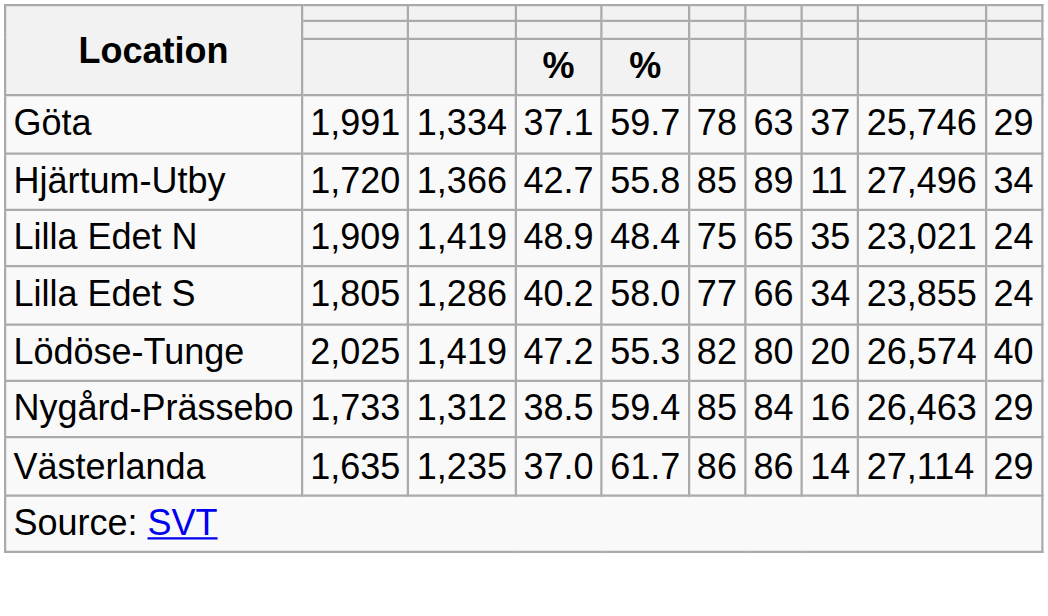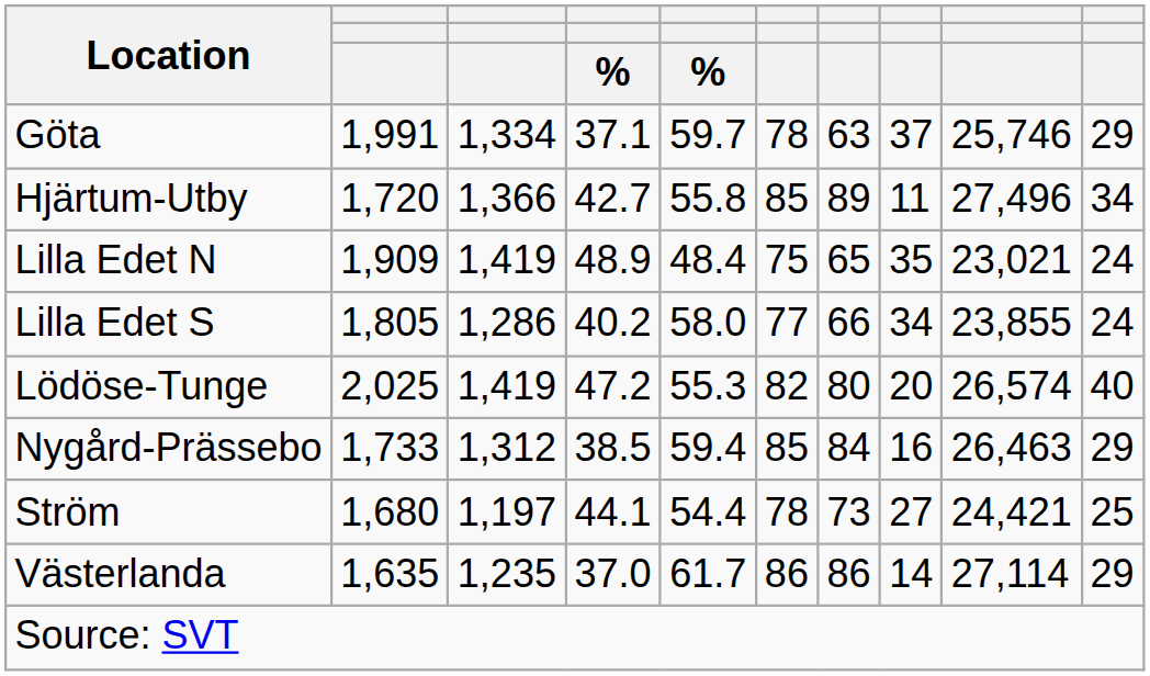 <table role="presentation" class="wikitable sortable mw-collapsible">
 <tr>
 <th rowspan="3">Location</th>
 <th></th>
 <th></th>
 <th></th>
 <th></th>
 <th></th>
 <th></th>
 <th></th>
 <th></th>
 <th></th>
 </tr>
 <tr>
 <th></th>
 <th></th>
 <th style="background:"></th>
 <th style="background:"></th>
 <th></th>
 <th></th>
 <th></th>
 <th></th>
 <th></th>
 </tr>
 <tr>
 <th data-sort-type="number"></th>
 <th data-sort-type="number"></th>
 <th data-sort-type="number">%</th>
 <th data-sort-type="number">%</th>
 <th data-sort-type="number"></th>
 <th data-sort-type="number"></th>
 <th data-sort-type="number"></th>
 <th data-sort-type="number"></th>
 <th data-sort-type="number"></th>
 </tr>
 <tr>
 <td align="left">Göta</td>
 <td>1,991</td>
 <td>1,334</td>
 <td>37.1</td>
 <td>59.7</td>
 <td>78</td>
 <td>63</td>
 <td>37</td>
 <td>25,746</td>
 <td>29</td>
 </tr>
 <tr>
 <td align="left">Hjärtum-Utby</td>
 <td>1,720</td>
 <td>1,366</td>
 <td>42.7</td>
 <td>55.8</td>
 <td>85</td>
 <td>89</td>
 <td>11</td>
 <td>27,496</td>
 <td>34</td>
 </tr>
 <tr>
 <td align="left">Lilla Edet N</td>
 <td>1,909</td>
 <td>1,419</td>
 <td>48.9</td>
 <td>48.4</td>
 <td>75</td>
 <td>65</td>
 <td>35</td>
 <td>23,021</td>
 <td>24</td>
 </tr>
 <tr>
 <td align="left">Lilla Edet S</td>
 <td>1,805</td>
 <td>1,286</td>
 <td>40.2</td>
 <td>58.0</td>
 <td>77</td>
 <td>66</td>
 <td>34</td>
 <td>23,855</td>
 <td>24</td>
 </tr>
 <tr>
 <td align="left">Lödöse-Tunge</td>
 <td>2,025</td>
 <td>1,419</td>
 <td>47.2</td>
 <td>55.3</td>
 <td>82</td>
 <td>80</td>
 <td>20</td>
 <td>26,574</td>
 <td>40</td>
 </tr>
 <tr>
 <td align="left">Nygård-Prässebo</td>
 <td>1,733</td>
 <td>1,312</td>
 <td>38.5</td>
 <td>59.4</td>
 <td>85</td>
 <td>84</td>
 <td>16</td>
 <td>26,463</td>
 <td>29</td>
 </tr>
 <tr>
+<td align="left">Ström</td>
+<td>1,680</td>
+<td>1,197</td>
+<td>44.1</td>
+<td>54.4</td>
+<td>78</td>
+<td>73</td>
+<td>27</td>
+<td>24,421</td>
+<td>25</td>
+</tr>
+<tr>
 <td align="left">Västerlanda</td>
 <td>1,635</td>
 <td>1,235</td>
 <td>37.0</td>
 <td>61.7</td>
 <td>86</td>
 <td>86</td>
 <td>14</td>
 <td>27,114</td>
 <td>29</td>
 </tr>
 <tr>
 <td colspan="10" align="left">Source: <a href='#'>SVT</a></td>
 </tr>
 </table>
